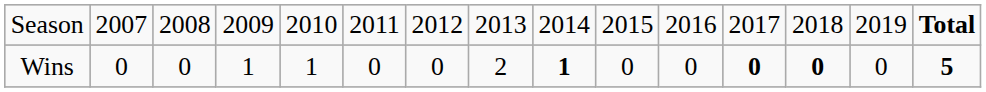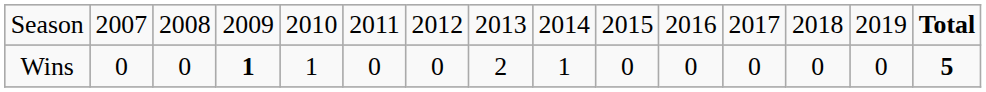 <table class="wikitable sortable">
 <tr>
 <td>Season</td>
 <td>2007</td>
 <td>2008</td>
 <td>2009</td>
 <td>2010</td>
 <td>2011</td>
 <td>2012</td>
 <td>2013</td>
 <td>2014</td>
 <td>2015</td>
 <td>2016</td>
 <td>2017</td>
 <td>2018</td>
 <td>2019</td>
 <td><strong>Total</strong></td>
 </tr>
 <tr align=center>
 <td>Wins</td>
 <td>0</td>
 <td>0</td>
-<td>1</td>
+<td><strong>1</strong></td>
 <td>1</td>
 <td>0</td>
 <td>0</td>
 <td>2</td>
-<td><strong>1</strong></td>
+<td>1</td>
 <td>0</td>
 <td>0</td>
-<td><strong>0</strong></td>
-<td><strong>0</strong></td>
+<td>0</td>
+<td>0</td>
 <td>0</td>
 <td><strong>5</strong></td>
 </tr>
 </table>
